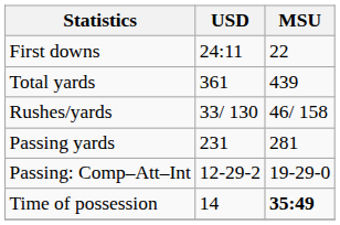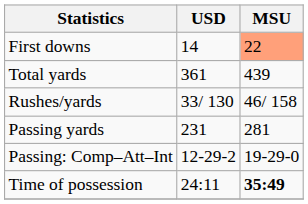 <table class="wikitable" style="float: left;">
 <tr>
 <th>Statistics</th>
 <th>USD</th>
 <th>MSU</th>
 </tr>
 <tr>
 <td>First downs</td>
-<td>24:11</td>
-<td>22</td>
+<td>14</td>
+<td style="background: lightsalmon;">22</td>
 </tr>
 <tr>
 <td>Total yards</td>
 <td>361</td>
 <td>439</td>
 </tr>
 <tr>
 <td>Rushes/yards</td>
 <td>33/ 130</td>
 <td>46/ 158</td>
 </tr>
 <tr>
 <td>Passing yards</td>
 <td>231</td>
 <td>281</td>
 </tr>
 <tr>
 <td>Passing: Comp–Att–Int</td>
 <td>12-29-2</td>
 <td>19-29-0</td>
 </tr>
 <tr>
 <td>Time of possession</td>
-<td>14</td>
+<td>24:11</td>
 <td><strong>35:49</strong></td>
 </tr>
 <tr>
 </tr>
 </table>
